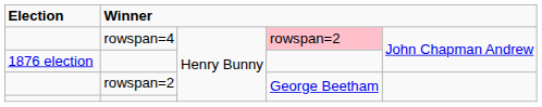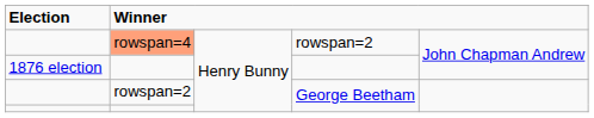 <table class=wikitable>
 <tr>
 <td width=100><strong>Election</strong></td>
 <td colspan=4 width=175><strong>Winner</strong></td>
 </tr>
 <tr>
 <td></td>
-<td>rowspan=4 </td>
+<td style="background: lightsalmon;">rowspan=4 </td>
 <td rowspan=4>Henry Bunny</td>
-<td style="background: pink;">rowspan=2 </td>
+<td>rowspan=2 </td>
 <td rowspan=2><a href='#'>John Chapman Andrew</a></td>
 </tr>
 <tr>
 <td><a href='#'>1876 election</a></td>
 </tr>
 <tr>
 <td></td>
 <td>rowspan=2 </td>
 <td rowspan=2><a href='#'>George Beetham</a></td>
 </tr>
 <tr>
 <td></td>
 </tr>
 </table>
